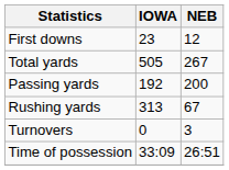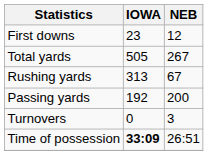 <table class="wikitable">
 <tr>
 <th>Statistics</th>
 <th>IOWA</th>
 <th>NEB</th>
 </tr>
 <tr>
 <td>First downs</td>
 <td>23</td>
 <td>12</td>
 </tr>
 <tr>
 <td>Total yards</td>
 <td>505</td>
 <td>267</td>
 </tr>
 <tr>
+<td>Rushing yards</td>
+<td>313</td>
+<td>67</td>
+</tr>
+<tr>
 <td>Passing yards</td>
 <td>192</td>
 <td>200</td>
-</tr>
-<tr>
-<td>Rushing yards</td>
-<td>313</td>
-<td>67</td>
 </tr>
 <tr>
 <td>Turnovers</td>
 <td>0</td>
 <td>3</td>
 </tr>
 <tr>
 <td>Time of possession</td>
-<td>33:09</td>
+<td><strong>33:09</strong></td>
 <td>26:51</td>
 </tr>
 <tr>
 </tr>
 </table>
